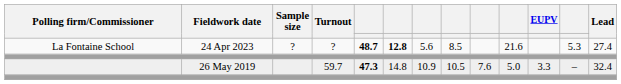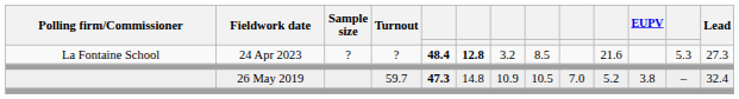 <table class="wikitable collapsible collapsed" style="text-align:center; font-size:95%; line-height:16px;">
 <tr style="height:42px;">
 <th style="width:250px;" rowspan="2">Polling firm/Commissioner</th>
 <th style="width:125px;" rowspan="2">Fieldwork date</th>
 <th style="width:50px;" rowspan="2">Sample size</th>
 <th style="width:45px;" rowspan="2">Turnout</th>
 <th style="width:35px;"></th>
 <th style="width:35px;"></th>
 <th style="width:35px;"></th>
 <th style="width:35px;"></th>
 <th style="width:35px;"></th>
 <th style="width:35px;"></th>
 <th style="width:35px; font-size:95%;"><a href='#'>EUPV</a></th>
 <th style="width:35px;"></th>
 <th style="width:30px;" rowspan="2">Lead</th>
 </tr>
 <tr>
 <th style="color:inherit;background:"></th>
 <th style="color:inherit;background:"></th>
 <th style="color:inherit;background:"></th>
 <th style="color:inherit;background:"></th>
 <th style="color:inherit;background:"></th>
 <th style="color:inherit;background:"></th>
 <th style="color:inherit;background:"></th>
 <th style="color:inherit;background:"></th>
 </tr>
 <tr>
 <td>La Fontaine School</td>
 <td>24 Apr 2023</td>
 <td>?</td>
 <td>?</td>
-<td><strong>48.7</strong><br></td>
+<td><strong>48.4</strong><br></td>
 <td><strong>12.8<br></strong></td>
-<td>5.6<br></td>
+<td>3.2<br></td>
 <td>8.5<br></td>
 <td></td>
 <td>21.6<br></td>
 <td></td>
 <td>5.3<br></td>
-<td style="background:">27.4</td>
+<td style="background:">27.3</td>
 </tr>
 <tr>
 <td colspan="13" style="background:#A0A0A0"></td>
 </tr>
 <tr style="background:#EFEFEF;">
 <td><strong></strong></td>
 <td>26 May 2019</td>
 <td></td>
 <td>59.7</td>
 <td><strong>47.3</strong><br></td>
 <td>14.8<br></td>
 <td>10.9<br></td>
 <td>10.5<br></td>
-<td>7.6<br></td>
-<td>5.0<br></td>
-<td>3.3<br></td>
+<td>7.0<br></td>
+<td>5.2<br></td>
+<td>3.8<br></td>
 <td>–</td>
 <td style="background:">32.4</td>
 </tr>
 <tr>
 <td colspan="13" style="background:#A0A0A0"></td>
 </tr>
 </table>
